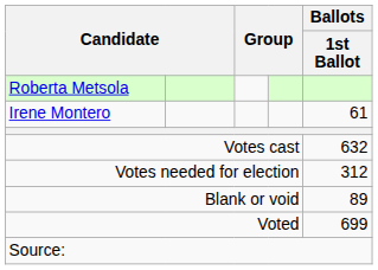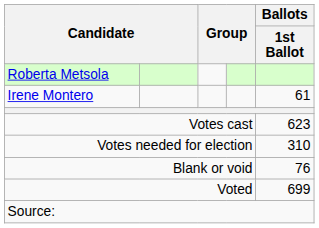 <table class="wikitable">
 <tr>
 <th colspan=2 rowspan=2>Candidate</th>
 <th colspan=2 rowspan=2 style="width:60px">Group</th>
 <th colspan=1>Ballots</th>
 </tr>
 <tr>
 <th style="width:60px;">1st Ballot</th>
 </tr>
 <tr>
 <td style="background-color:#d8ffcc"><a href='#'>Roberta Metsola</a></td>
 <td style="background-color:#d8ffcc; width:60px;"></td>
 <td style="background-color:"></td>
 <td style="background-color:#d8ffcc"><strong></strong></td>
 <td align="right" style="background-color:#d8ffcc"><strong></strong></td>
 </tr>
 <tr>
 <td style="width:150px;"><a href='#'>Irene Montero</a></td>
 <td></td>
 <td style="background-color:"></td>
 <td><strong></strong></td>
 <td align="right">61</td>
 </tr>
 <tr>
 <th colspan=6></th>
 </tr>
 <tr>
 <td colspan=4 align="right">Votes cast</td>
-<td align="right">632</td>
+<td align="right">623</td>
 </tr>
 <tr>
 <td colspan=4 align="right">Votes needed for election</td>
-<td align="right">312</td>
+<td align="right">310</td>
 </tr>
 <tr>
 <td colspan=4 align="right">Blank or void</td>
-<td align="right">89</td>
+<td align="right">76</td>
 </tr>
 <tr>
 <td colspan=4 align="right">Voted</td>
 <td align="right">699</td>
 </tr>
 <tr>
 <td colspan=6>Source: </td>
 </tr>
 </table>
